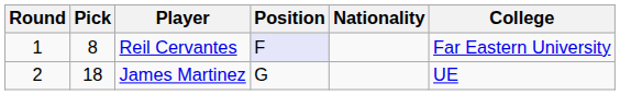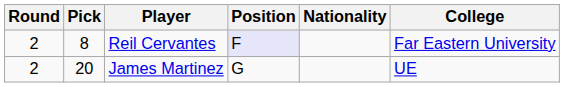 <table class="wikitable sortable sortable">
 <tr>
 <th>Round</th>
 <th>Pick</th>
 <th>Player</th>
 <th>Position</th>
 <th>Nationality</th>
 <th>College</th>
 </tr>
 <tr>
-<td align=center>1</td>
+<td align=center>2</td>
 <td align=center>8</td>
 <td><a href='#'>Reil Cervantes</a></td>
 <td style="background: lavender;">F</td>
 <td></td>
 <td><a href='#'>Far Eastern University</a></td>
 </tr>
 <tr>
 <td align=center>2</td>
-<td align=center>18</td>
+<td align=center>20</td>
 <td><a href='#'>James Martinez</a></td>
 <td>G</td>
 <td></td>
 <td><a href='#'>UE</a></td>
 </tr>
 </table>
